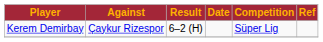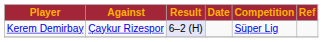 <table class="wikitable">
 <tr>
 <th style="background:#A32638; color:#FFB300; ">Player</th>
 <th style="background:#A32638; color:#FFB300; ">Against</th>
 <th style="background:#A32638; color:#FFB300; text-align:center; ">Result</th>
 <th style="background:#A32638; color:#FFB300; ">Date</th>
 <th style="background:#A32638; color:#FFB300; text-align:center; ">Competition</th>
 <th style="background:#A32638; color:#FFB300; ">Ref</th>
 </tr>
 <tr>
 <td> <a href='#'>Kerem Demirbay</a></td>
 <td><a href='#'>Çaykur Rizespor</a></td>
-<td>6–2 (H)</td>
+<td style="background: lavender;">6–2 (H)</td>
 <td></td>
 <td><a href='#'>Süper Lig</a></td>
 <td></td>
 </tr>
 <tr>
 </tr>
 </table>
